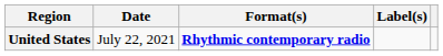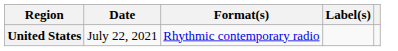 <table class="wikitable plainrowheaders">
 <tr>
 <th scope="col">Region</th>
 <th scope="col">Date</th>
 <th scope="col">Format(s)</th>
 <th scope="col">Label(s)</th>
 <th scope="col"></th>
 </tr>
 <tr>
 <th scope="row" rowspan="2">United States</th>
 <td rowspan="2">July 22, 2021</td>
-<td><strong><a href='#'>Rhythmic contemporary radio</a></strong></td>
+<td><a href='#'>Rhythmic contemporary radio</a></td>
 <td rowspan="2"></td>
 <td style="text-align:center;"></td>
 </tr>
 </table>
